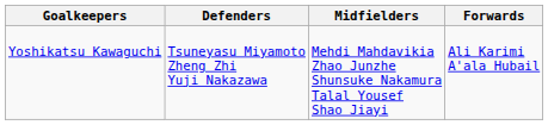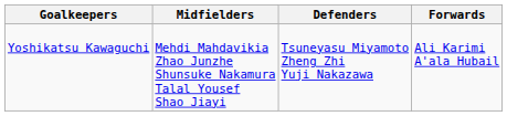 <table class="wikitable">
 <tr>
 <th>Goalkeepers</th>
+<th>Midfielders</th>
 <th>Defenders</th>
-<th>Midfielders</th>
 <th>Forwards</th>
 </tr>
 <tr>
 <td valign=top><br> <a href='#'>Yoshikatsu Kawaguchi</a></td>
+<td valign=top><br> <a href='#'>Mehdi Mahdavikia</a> <br>  <a href='#'>Zhao Junzhe</a> <br>  <a href='#'>Shunsuke Nakamura</a> <br>  <a href='#'>Talal Yousef</a> <br>  <a href='#'>Shao Jiayi</a></td>
 <td valign=top><br> <a href='#'>Tsuneyasu Miyamoto</a> <br>  <a href='#'>Zheng Zhi</a> <br>  <a href='#'>Yuji Nakazawa</a> <br></td>
-<td valign=top><br> <a href='#'>Mehdi Mahdavikia</a> <br>  <a href='#'>Zhao Junzhe</a> <br>  <a href='#'>Shunsuke Nakamura</a> <br>  <a href='#'>Talal Yousef</a> <br>  <a href='#'>Shao Jiayi</a></td>
 <td valign=top><br> <a href='#'>Ali Karimi</a> <br>  <a href='#'>A'ala Hubail</a></td>
 </tr>
 </table>
